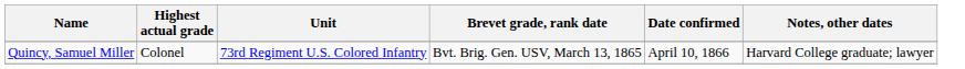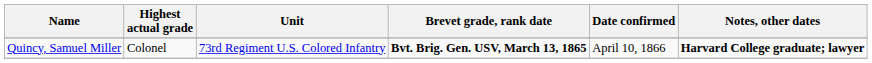 <table class="wikitable sortable">
 <tr>
 <th class="unsortable">Name</th>
 <th>Highest<br>actual grade</th>
 <th>Unit</th>
 <th>Brevet grade, rank date</th>
 <th>Date confirmed</th>
 <th class="unsortable">Notes, other dates</th>
 </tr>
 <tr>
 </tr>
 <tr>
 <td><a href='#'>Quincy, Samuel Miller</a></td>
 <td>Colonel</td>
 <td><a href='#'>73rd Regiment U.S. Colored Infantry</a></td>
-<td>Bvt. Brig. Gen. USV, March 13, 1865</td>
+<td><strong>Bvt. Brig. Gen. USV, March 13, 1865</strong></td>
 <td>April 10, 1866</td>
-<td>Harvard College graduate; lawyer</td>
+<td><strong>Harvard College graduate; lawyer</strong></td>
 </tr>
 <tr>
 </tr>
 </table>
